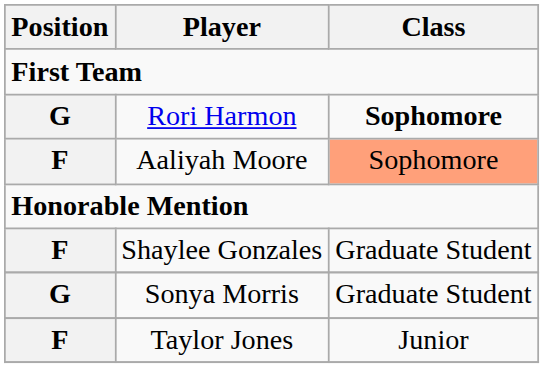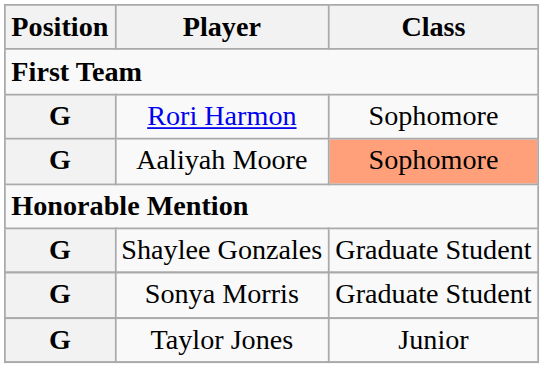 <table class="wikitable">
 <tr>
 <th>Position</th>
 <th>Player</th>
 <th>Class</th>
 </tr>
 <tr>
 <td colspan="4"><strong>First Team</strong></td>
 </tr>
 <tr style="text-align:center;">
 <th rowspan="1">G</th>
 <td><a href='#'>Rori Harmon</a></td>
-<td><strong>Sophomore</strong></td>
+<td>Sophomore</td>
 </tr>
 <tr style="text-align:center;">
-<th rowspan="1">F</th>
+<th rowspan="1">G</th>
 <td>Aaliyah Moore</td>
 <td style="background: lightsalmon;">Sophomore</td>
 </tr>
 <tr>
 <td colspan="4"><strong>Honorable Mention</strong></td>
 </tr>
 <tr style="text-align:center;">
-<th rowspan="1">F</th>
+<th rowspan="1">G</th>
 <td>Shaylee Gonzales</td>
 <td>Graduate Student</td>
 </tr>
 <tr>
 </tr>
 <tr style="text-align:center;">
 <th rowspan="1">G</th>
 <td>Sonya Morris</td>
 <td>Graduate Student</td>
 </tr>
 <tr>
 </tr>
 <tr style="text-align:center;">
-<th rowspan="1">F</th>
+<th rowspan="1">G</th>
 <td>Taylor Jones</td>
 <td>Junior</td>
 </tr>
 <tr>
 </tr>
 </table>
